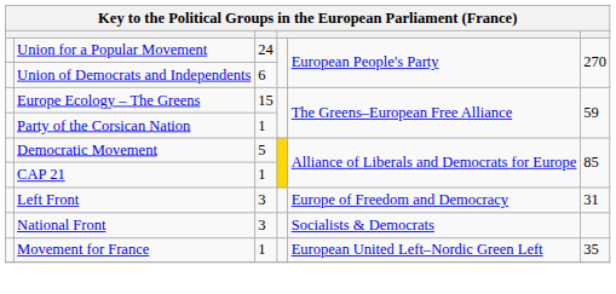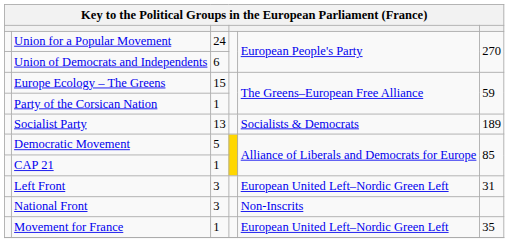 <table class="wikitable" style="font-size:90%;">
 <tr>
 <th colspan=6>Key to the Political Groups in the European Parliament (France) </th>
 </tr>
 <tr>
 <th colspan=2></th>
 <th></th>
 <th colspan=2></th>
 <th></th>
 </tr>
 <tr>
 <td width=1px style="background-color: "></td>
 <td><a href='#'>Union for a Popular Movement</a></td>
 <td>24</td>
 <td rowspan=2 width=1px> </td>
 <td rowspan=2><a href='#'>European People's Party</a></td>
 <td rowspan=2>270</td>
 </tr>
 <tr>
 <td width=1px style="background-color: "></td>
 <td><a href='#'>Union of Democrats and Independents</a></td>
 <td>6</td>
 </tr>
 <tr>
 <td width=1px style="background-color: "></td>
 <td><a href='#'>Europe Ecology – The Greens</a></td>
 <td>15</td>
 <td rowspan=2 width=1px> </td>
 <td rowspan=2><a href='#'>The Greens–European Free Alliance</a></td>
 <td rowspan=2>59</td>
 </tr>
 <tr>
 <td width=1px style="background-color: "></td>
 <td><a href='#'>Party of the Corsican Nation</a></td>
 <td>1</td>
 </tr>
 <tr>
 <td width=1px style="background-color: "></td>
+<td><a href='#'>Socialist Party</a></td>
+<td>13</td>
+<td width=1px> </td>
+<td><a href='#'>Socialists & Democrats</a></td>
+<td>189</td>
+</tr>
+<tr>
+<td width=1px style="background-color: "></td>
 <td><a href='#'>Democratic Movement</a></td>
 <td>5</td>
 <td rowspan=2 width=1px bgcolor="gold"> </td>
 <td rowspan=2><a href='#'>Alliance of Liberals and Democrats for Europe</a></td>
 <td rowspan=2>85</td>
 </tr>
 <tr>
 <td width=1px style="background-color: "></td>
 <td><a href='#'>CAP 21</a></td>
 <td>1</td>
 </tr>
 <tr>
 <td width=1px style="background-color: "></td>
 <td><a href='#'>Left Front</a></td>
 <td>3</td>
 <td width=1px> </td>
-<td><a href='#'>Europe of Freedom and Democracy</a></td>
+<td><a href='#'>European United Left–Nordic Green Left</a></td>
 <td>31</td>
 </tr>
 <tr>
 <td width=1px style="background-color: "></td>
 <td><a href='#'>National Front</a></td>
 <td>3</td>
 <td width=1px> </td>
-<td><a href='#'>Socialists & Democrats</a></td>
+<td><a href='#'>Non-Inscrits</a></td>
 <td></td>
 </tr>
 <tr>
 <td width=1px style="background-color: "></td>
 <td><a href='#'>Movement for France</a></td>
 <td>1</td>
 <td width=1px> </td>
 <td><a href='#'>European United Left–Nordic Green Left</a></td>
 <td>35</td>
 </tr>
 <tr>
 </tr>
 </table>
